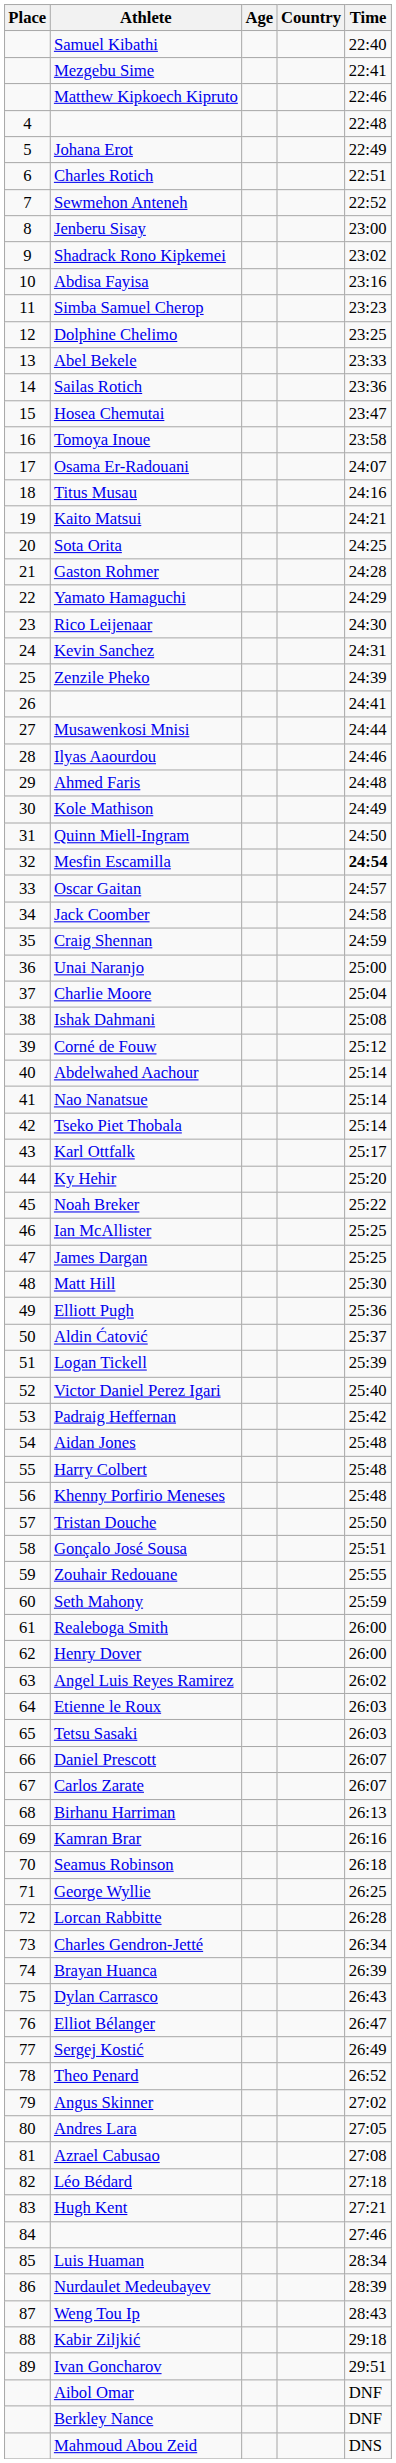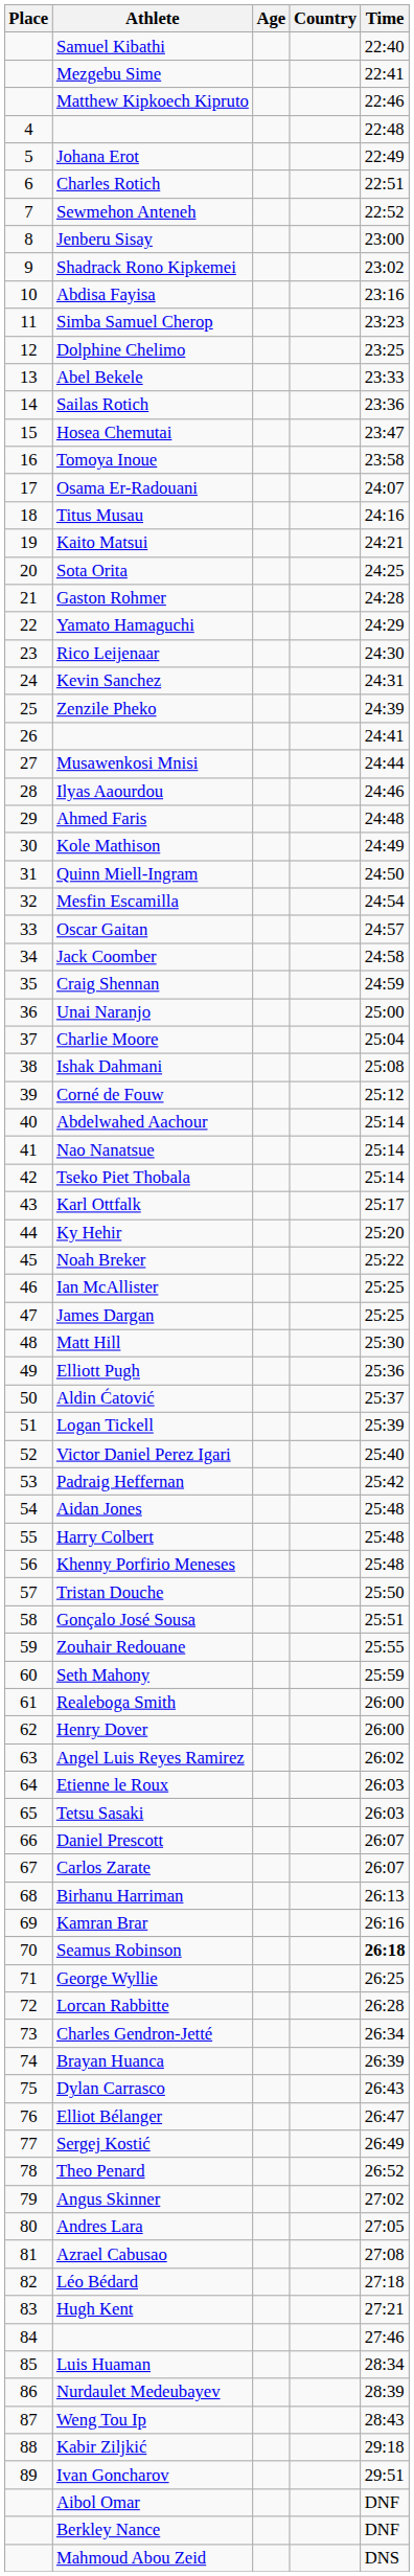 <table class="wikitable mw-datatable sortable">
 <tr>
 <th>Place</th>
 <th>Athlete</th>
 <th>Age</th>
 <th>Country</th>
 <th>Time</th>
 </tr>
 <tr>
 <td align=center></td>
 <td><a href='#'>Samuel Kibathi</a></td>
 <td></td>
 <td></td>
 <td>22:40</td>
 </tr>
 <tr>
 <td align=center></td>
 <td><a href='#'>Mezgebu Sime</a></td>
 <td></td>
 <td></td>
 <td>22:41</td>
 </tr>
 <tr>
 <td align=center></td>
 <td><a href='#'>Matthew Kipkoech Kipruto</a></td>
 <td></td>
 <td></td>
 <td>22:46</td>
 </tr>
 <tr>
 <td align=center>4</td>
 <td></td>
 <td></td>
 <td></td>
 <td>22:48</td>
 </tr>
 <tr>
 <td align=center>5</td>
 <td><a href='#'>Johana Erot</a></td>
 <td></td>
 <td></td>
 <td>22:49</td>
 </tr>
 <tr>
 <td align=center>6</td>
 <td><a href='#'>Charles Rotich</a></td>
 <td></td>
 <td></td>
 <td>22:51</td>
 </tr>
 <tr>
 <td align=center>7</td>
 <td><a href='#'>Sewmehon Anteneh</a></td>
 <td></td>
 <td></td>
 <td>22:52</td>
 </tr>
 <tr>
 <td align=center>8</td>
 <td><a href='#'>Jenberu Sisay</a></td>
 <td></td>
 <td></td>
 <td>23:00</td>
 </tr>
 <tr>
 <td align=center>9</td>
 <td><a href='#'>Shadrack Rono Kipkemei</a></td>
 <td></td>
 <td></td>
 <td>23:02</td>
 </tr>
 <tr>
 <td align=center>10</td>
 <td><a href='#'>Abdisa Fayisa</a></td>
 <td></td>
 <td></td>
 <td>23:16</td>
 </tr>
 <tr>
 <td align=center>11</td>
 <td><a href='#'>Simba Samuel Cherop</a></td>
 <td></td>
 <td></td>
 <td>23:23</td>
 </tr>
 <tr>
 <td align=center>12</td>
 <td><a href='#'>Dolphine Chelimo</a></td>
 <td></td>
 <td></td>
 <td>23:25</td>
 </tr>
 <tr>
 <td align=center>13</td>
 <td><a href='#'>Abel Bekele</a></td>
 <td></td>
 <td></td>
 <td>23:33</td>
 </tr>
 <tr>
 <td align=center>14</td>
 <td><a href='#'>Sailas Rotich</a></td>
 <td></td>
 <td></td>
 <td>23:36</td>
 </tr>
 <tr>
 <td align=center>15</td>
 <td><a href='#'>Hosea Chemutai</a></td>
 <td></td>
 <td></td>
 <td>23:47</td>
 </tr>
 <tr>
 <td align=center>16</td>
 <td><a href='#'>Tomoya Inoue</a></td>
 <td></td>
 <td></td>
 <td>23:58</td>
 </tr>
 <tr>
 <td align=center>17</td>
 <td><a href='#'>Osama Er-Radouani</a></td>
 <td></td>
 <td></td>
 <td>24:07</td>
 </tr>
 <tr>
 <td align=center>18</td>
 <td><a href='#'>Titus Musau</a></td>
 <td></td>
 <td></td>
 <td>24:16</td>
 </tr>
 <tr>
 <td align=center>19</td>
 <td><a href='#'>Kaito Matsui</a></td>
 <td></td>
 <td></td>
 <td>24:21</td>
 </tr>
 <tr>
 <td align=center>20</td>
 <td><a href='#'>Sota Orita</a></td>
 <td></td>
 <td></td>
 <td>24:25</td>
 </tr>
 <tr>
 <td align=center>21</td>
 <td><a href='#'>Gaston Rohmer</a></td>
 <td></td>
 <td></td>
 <td>24:28</td>
 </tr>
 <tr>
 <td align=center>22</td>
 <td><a href='#'>Yamato Hamaguchi</a></td>
 <td></td>
 <td></td>
 <td>24:29</td>
 </tr>
 <tr>
 <td align=center>23</td>
 <td><a href='#'>Rico Leijenaar</a></td>
 <td></td>
 <td></td>
 <td>24:30</td>
 </tr>
 <tr>
 <td align=center>24</td>
 <td><a href='#'>Kevin Sanchez</a></td>
 <td></td>
 <td></td>
 <td>24:31</td>
 </tr>
 <tr>
 <td align=center>25</td>
 <td><a href='#'>Zenzile Pheko</a></td>
 <td></td>
 <td></td>
 <td>24:39</td>
 </tr>
 <tr>
 <td align=center>26</td>
 <td></td>
 <td></td>
 <td></td>
 <td>24:41</td>
 </tr>
 <tr>
 <td align=center>27</td>
 <td><a href='#'>Musawenkosi Mnisi</a></td>
 <td></td>
 <td></td>
 <td>24:44</td>
 </tr>
 <tr>
 <td align=center>28</td>
 <td><a href='#'>Ilyas Aaourdou</a></td>
 <td></td>
 <td></td>
 <td>24:46</td>
 </tr>
 <tr>
 <td align=center>29</td>
 <td><a href='#'>Ahmed Faris</a></td>
 <td></td>
 <td></td>
 <td>24:48</td>
 </tr>
 <tr>
 <td align=center>30</td>
 <td><a href='#'>Kole Mathison</a></td>
 <td></td>
 <td></td>
 <td>24:49</td>
 </tr>
 <tr>
 <td align=center>31</td>
 <td><a href='#'>Quinn Miell-Ingram</a></td>
 <td></td>
 <td></td>
 <td>24:50</td>
 </tr>
 <tr>
 <td align=center>32</td>
 <td><a href='#'>Mesfin Escamilla</a></td>
 <td></td>
 <td></td>
-<td><strong>24:54</strong></td>
+<td>24:54</td>
 </tr>
 <tr>
 <td align=center>33</td>
 <td><a href='#'>Oscar Gaitan</a></td>
 <td></td>
 <td></td>
 <td>24:57</td>
 </tr>
 <tr>
 <td align=center>34</td>
 <td><a href='#'>Jack Coomber</a></td>
 <td></td>
 <td></td>
 <td>24:58</td>
 </tr>
 <tr>
 <td align=center>35</td>
 <td><a href='#'>Craig Shennan</a></td>
 <td></td>
 <td></td>
 <td>24:59</td>
 </tr>
 <tr>
 <td align=center>36</td>
 <td><a href='#'>Unai Naranjo</a></td>
 <td></td>
 <td></td>
 <td>25:00</td>
 </tr>
 <tr>
 <td align=center>37</td>
 <td><a href='#'>Charlie Moore</a></td>
 <td></td>
 <td></td>
 <td>25:04</td>
 </tr>
 <tr>
 <td align=center>38</td>
 <td><a href='#'>Ishak Dahmani</a></td>
 <td></td>
 <td></td>
 <td>25:08</td>
 </tr>
 <tr>
 <td align=center>39</td>
 <td><a href='#'>Corné de Fouw</a></td>
 <td></td>
 <td></td>
 <td>25:12</td>
 </tr>
 <tr>
 <td align=center>40</td>
 <td><a href='#'>Abdelwahed Aachour</a></td>
 <td></td>
 <td></td>
 <td>25:14</td>
 </tr>
 <tr>
 <td align=center>41</td>
 <td><a href='#'>Nao Nanatsue</a></td>
 <td></td>
 <td></td>
 <td>25:14</td>
 </tr>
 <tr>
 <td align=center>42</td>
 <td><a href='#'>Tseko Piet Thobala</a></td>
 <td></td>
 <td></td>
 <td>25:14</td>
 </tr>
 <tr>
 <td align=center>43</td>
 <td><a href='#'>Karl Ottfalk</a></td>
 <td></td>
 <td></td>
 <td>25:17</td>
 </tr>
 <tr>
 <td align=center>44</td>
 <td><a href='#'>Ky Hehir</a></td>
 <td></td>
 <td></td>
 <td>25:20</td>
 </tr>
 <tr>
 <td align=center>45</td>
 <td><a href='#'>Noah Breker</a></td>
 <td></td>
 <td></td>
 <td>25:22</td>
 </tr>
 <tr>
 <td align=center>46</td>
 <td><a href='#'>Ian McAllister</a></td>
 <td></td>
 <td></td>
 <td>25:25</td>
 </tr>
 <tr>
 <td align=center>47</td>
 <td><a href='#'>James Dargan</a></td>
 <td></td>
 <td></td>
 <td>25:25</td>
 </tr>
 <tr>
 <td align=center>48</td>
 <td><a href='#'>Matt Hill</a></td>
 <td></td>
 <td></td>
 <td>25:30</td>
 </tr>
 <tr>
 <td align=center>49</td>
 <td><a href='#'>Elliott Pugh</a></td>
 <td></td>
 <td></td>
 <td>25:36</td>
 </tr>
 <tr>
 <td align=center>50</td>
 <td><a href='#'>Aldin Ćatović</a></td>
 <td></td>
 <td></td>
 <td>25:37</td>
 </tr>
 <tr>
 <td align=center>51</td>
 <td><a href='#'>Logan Tickell</a></td>
 <td></td>
 <td></td>
 <td>25:39</td>
 </tr>
 <tr>
 <td align=center>52</td>
 <td><a href='#'>Victor Daniel Perez Igari</a></td>
 <td></td>
 <td></td>
 <td>25:40</td>
 </tr>
 <tr>
 <td align=center>53</td>
 <td><a href='#'>Padraig Heffernan</a></td>
 <td></td>
 <td></td>
 <td>25:42</td>
 </tr>
 <tr>
 <td align=center>54</td>
 <td><a href='#'>Aidan Jones</a></td>
 <td></td>
 <td></td>
 <td>25:48</td>
 </tr>
 <tr>
 <td align=center>55</td>
 <td><a href='#'>Harry Colbert</a></td>
 <td></td>
 <td></td>
 <td>25:48</td>
 </tr>
 <tr>
 <td align=center>56</td>
 <td><a href='#'>Khenny Porfirio Meneses</a></td>
 <td></td>
 <td></td>
 <td>25:48</td>
 </tr>
 <tr>
 <td align=center>57</td>
 <td><a href='#'>Tristan Douche</a></td>
 <td></td>
 <td></td>
 <td>25:50</td>
 </tr>
 <tr>
 <td align=center>58</td>
 <td><a href='#'>Gonçalo José Sousa</a></td>
 <td></td>
 <td></td>
 <td>25:51</td>
 </tr>
 <tr>
 <td align=center>59</td>
 <td><a href='#'>Zouhair Redouane</a></td>
 <td></td>
 <td></td>
 <td>25:55</td>
 </tr>
 <tr>
 <td align=center>60</td>
 <td><a href='#'>Seth Mahony</a></td>
 <td></td>
 <td></td>
 <td>25:59</td>
 </tr>
 <tr>
 <td align=center>61</td>
 <td><a href='#'>Realeboga Smith</a></td>
 <td></td>
 <td></td>
 <td>26:00</td>
 </tr>
 <tr>
 <td align=center>62</td>
 <td><a href='#'>Henry Dover</a></td>
 <td></td>
 <td></td>
 <td>26:00</td>
 </tr>
 <tr>
 <td align=center>63</td>
 <td><a href='#'>Angel Luis Reyes Ramirez</a></td>
 <td></td>
 <td></td>
 <td>26:02</td>
 </tr>
 <tr>
 <td align=center>64</td>
 <td><a href='#'>Etienne le Roux</a></td>
 <td></td>
 <td></td>
 <td>26:03</td>
 </tr>
 <tr>
 <td align=center>65</td>
 <td><a href='#'>Tetsu Sasaki</a></td>
 <td></td>
 <td></td>
 <td>26:03</td>
 </tr>
 <tr>
 <td align=center>66</td>
 <td><a href='#'>Daniel Prescott</a></td>
 <td></td>
 <td></td>
 <td>26:07</td>
 </tr>
 <tr>
 <td align=center>67</td>
 <td><a href='#'>Carlos Zarate</a></td>
 <td></td>
 <td></td>
 <td>26:07</td>
 </tr>
 <tr>
 <td align=center>68</td>
 <td><a href='#'>Birhanu Harriman</a></td>
 <td></td>
 <td></td>
 <td>26:13</td>
 </tr>
 <tr>
 <td align=center>69</td>
 <td><a href='#'>Kamran Brar</a></td>
 <td></td>
 <td></td>
 <td>26:16</td>
 </tr>
 <tr>
 <td align=center>70</td>
 <td><a href='#'>Seamus Robinson</a></td>
 <td></td>
 <td></td>
-<td>26:18</td>
+<td><strong>26:18</strong></td>
 </tr>
 <tr>
 <td align=center>71</td>
 <td><a href='#'>George Wyllie</a></td>
 <td></td>
 <td></td>
 <td>26:25</td>
 </tr>
 <tr>
 <td align=center>72</td>
 <td><a href='#'>Lorcan Rabbitte</a></td>
 <td></td>
 <td></td>
 <td>26:28</td>
 </tr>
 <tr>
 <td align=center>73</td>
 <td><a href='#'>Charles Gendron-Jetté</a></td>
 <td></td>
 <td></td>
 <td>26:34</td>
 </tr>
 <tr>
 <td align=center>74</td>
 <td><a href='#'>Brayan Huanca</a></td>
 <td></td>
 <td></td>
 <td>26:39</td>
 </tr>
 <tr>
 <td align=center>75</td>
 <td><a href='#'>Dylan Carrasco</a></td>
 <td></td>
 <td></td>
 <td>26:43</td>
 </tr>
 <tr>
 <td align=center>76</td>
 <td><a href='#'>Elliot Bélanger</a></td>
 <td></td>
 <td></td>
 <td>26:47</td>
 </tr>
 <tr>
 <td align=center>77</td>
 <td><a href='#'>Sergej Kostić</a></td>
 <td></td>
 <td></td>
 <td>26:49</td>
 </tr>
 <tr>
 <td align=center>78</td>
 <td><a href='#'>Theo Penard</a></td>
 <td></td>
 <td></td>
 <td>26:52</td>
 </tr>
 <tr>
 <td align=center>79</td>
 <td><a href='#'>Angus Skinner</a></td>
 <td></td>
 <td></td>
 <td>27:02</td>
 </tr>
 <tr>
 <td align=center>80</td>
 <td><a href='#'>Andres Lara</a></td>
 <td></td>
 <td></td>
 <td>27:05</td>
 </tr>
 <tr>
 <td align=center>81</td>
 <td><a href='#'>Azrael Cabusao</a></td>
 <td></td>
 <td></td>
 <td>27:08</td>
 </tr>
 <tr>
 <td align=center>82</td>
 <td><a href='#'>Léo Bédard</a></td>
 <td></td>
 <td></td>
 <td>27:18</td>
 </tr>
 <tr>
 <td align=center>83</td>
 <td><a href='#'>Hugh Kent</a></td>
 <td></td>
 <td></td>
 <td>27:21</td>
 </tr>
 <tr>
 <td align=center>84</td>
 <td></td>
 <td></td>
 <td></td>
 <td>27:46</td>
 </tr>
 <tr>
 <td align=center>85</td>
 <td><a href='#'>Luis Huaman</a></td>
 <td></td>
 <td></td>
 <td>28:34</td>
 </tr>
 <tr>
 <td align=center>86</td>
 <td><a href='#'>Nurdaulet Medeubayev</a></td>
 <td></td>
 <td></td>
 <td>28:39</td>
 </tr>
 <tr>
 <td align=center>87</td>
 <td><a href='#'>Weng Tou Ip</a></td>
 <td></td>
 <td></td>
 <td>28:43</td>
 </tr>
 <tr>
 <td align=center>88</td>
 <td><a href='#'>Kabir Ziljkić</a></td>
 <td></td>
 <td></td>
 <td>29:18</td>
 </tr>
 <tr>
 <td align=center>89</td>
 <td><a href='#'>Ivan Goncharov</a></td>
 <td></td>
 <td></td>
 <td>29:51</td>
 </tr>
 <tr>
 <td align=center></td>
 <td><a href='#'>Aibol Omar</a></td>
 <td></td>
 <td></td>
 <td>DNF</td>
 </tr>
 <tr>
 <td align=center></td>
 <td><a href='#'>Berkley Nance</a></td>
 <td></td>
 <td></td>
 <td>DNF</td>
 </tr>
 <tr>
 <td align=center></td>
 <td><a href='#'>Mahmoud Abou Zeid</a></td>
 <td></td>
 <td></td>
 <td>DNS</td>
 </tr>
 </table>
